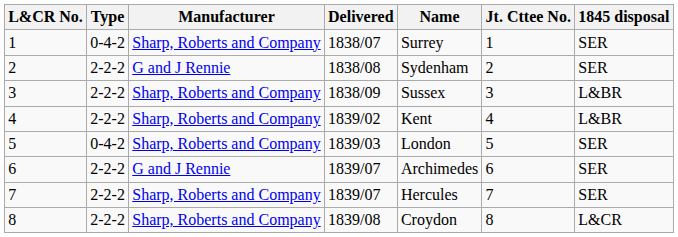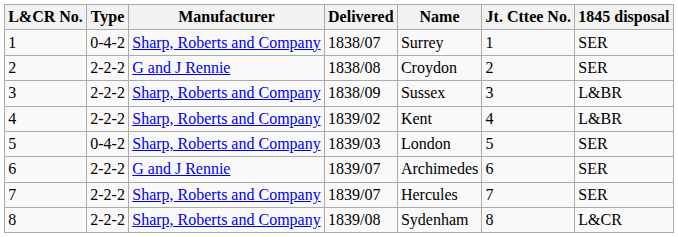 <table class="wikitable sortable collapsible collapsed">
 <tr>
 <th>L&CR No.</th>
 <th>Type</th>
 <th>Manufacturer</th>
 <th>Delivered</th>
 <th>Name</th>
 <th>Jt. Cttee No.</th>
 <th>1845 disposal</th>
 </tr>
 <tr>
 <td>1</td>
 <td>0-4-2</td>
 <td><a href='#'>Sharp, Roberts and Company</a></td>
 <td>1838/07</td>
 <td>Surrey</td>
 <td>1</td>
 <td>SER</td>
 </tr>
 <tr>
 <td>2</td>
 <td>2-2-2</td>
 <td><a href='#'>G and J Rennie</a></td>
 <td>1838/08</td>
-<td>Sydenham</td>
+<td>Croydon</td>
 <td>2</td>
 <td>SER</td>
 </tr>
 <tr>
 <td>3</td>
 <td>2-2-2</td>
 <td><a href='#'>Sharp, Roberts and Company</a></td>
 <td>1838/09</td>
 <td>Sussex</td>
 <td>3</td>
 <td>L&BR</td>
 </tr>
 <tr>
 <td>4</td>
 <td>2-2-2</td>
 <td><a href='#'>Sharp, Roberts and Company</a></td>
 <td>1839/02</td>
 <td>Kent</td>
 <td>4</td>
 <td>L&BR</td>
 </tr>
 <tr>
 <td>5</td>
 <td>0-4-2</td>
 <td><a href='#'>Sharp, Roberts and Company</a></td>
 <td>1839/03</td>
 <td>London</td>
 <td>5</td>
 <td>SER</td>
 </tr>
 <tr>
 <td>6</td>
 <td>2-2-2</td>
 <td><a href='#'>G and J Rennie</a></td>
 <td>1839/07</td>
 <td>Archimedes</td>
 <td>6</td>
 <td>SER</td>
 </tr>
 <tr>
 <td>7</td>
 <td>2-2-2</td>
 <td><a href='#'>Sharp, Roberts and Company</a></td>
 <td>1839/07</td>
 <td>Hercules</td>
 <td>7</td>
 <td>SER</td>
 </tr>
 <tr>
 <td>8</td>
 <td>2-2-2</td>
 <td><a href='#'>Sharp, Roberts and Company</a></td>
 <td>1839/08</td>
-<td>Croydon</td>
+<td>Sydenham</td>
 <td>8</td>
 <td>L&CR</td>
 </tr>
 <tr>
 </tr>
 </table>
